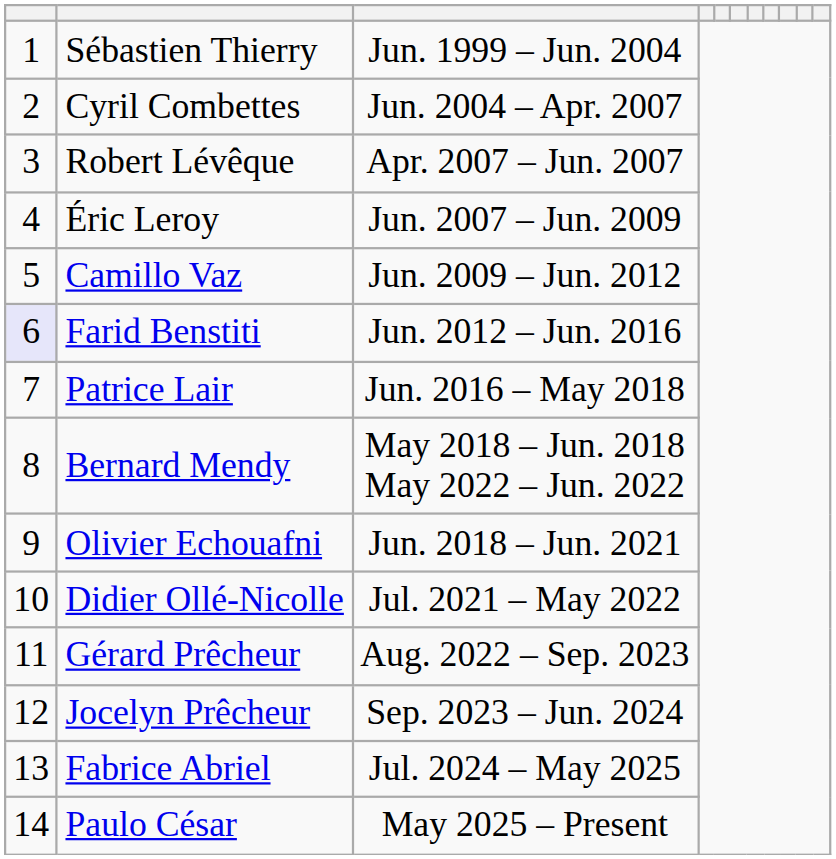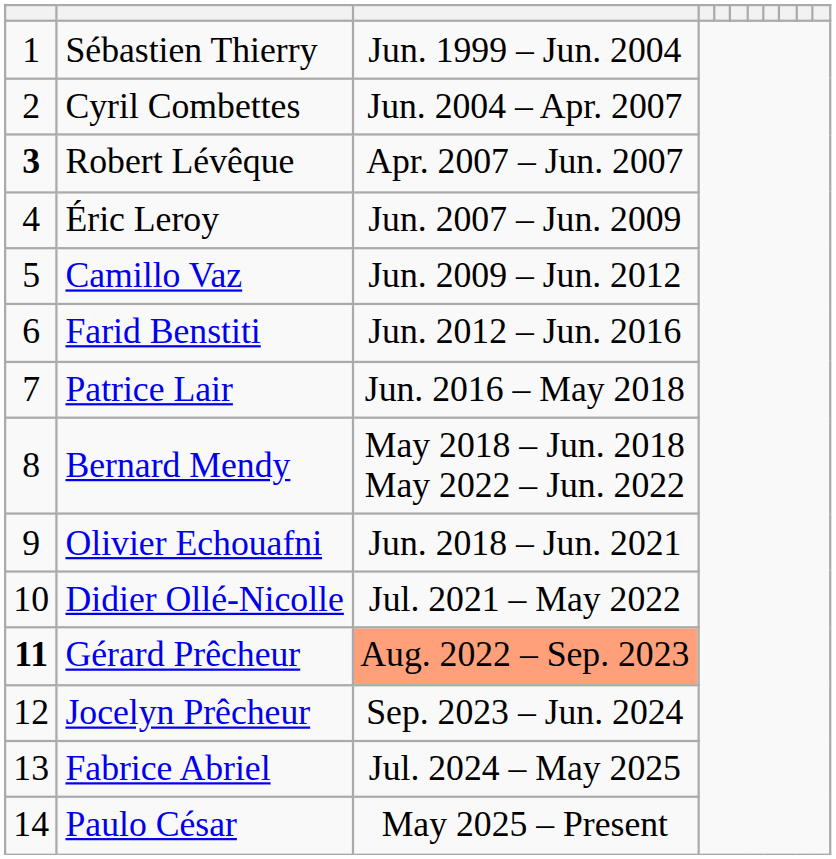 <table class="wikitable plainrowheaders sortable" style="text-align:center">
 <tr>
 <th></th>
 <th></th>
 <th></th>
 <th></th>
 <th></th>
 <th></th>
 <th></th>
 <th></th>
 <th></th>
 <th></th>
 <th></th>
 </tr>
 <tr>
 <td>1</td>
 <td align="left"> Sébastien Thierry</td>
 <td>Jun. 1999 – Jun. 2004<br></td>
 </tr>
 <tr>
 <td>2</td>
 <td align="left"> Cyril Combettes</td>
 <td>Jun. 2004 – Apr. 2007<br></td>
 </tr>
 <tr>
-<td>3</td>
+<td><strong>3</strong></td>
 <td align="left"> Robert Lévêque</td>
 <td>Apr. 2007 – Jun. 2007<br></td>
 </tr>
 <tr>
 <td>4</td>
 <td align="left"> Éric Leroy</td>
 <td>Jun. 2007 – Jun. 2009<br></td>
 </tr>
 <tr>
 <td>5</td>
 <td align="left"> <a href='#'>Camillo Vaz</a></td>
 <td>Jun. 2009 – Jun. 2012<br></td>
 </tr>
 <tr>
-<td style="background: lavender;">6</td>
+<td>6</td>
 <td align="left"> <a href='#'>Farid Benstiti</a></td>
 <td>Jun. 2012 – Jun. 2016<br></td>
 </tr>
 <tr>
 <td>7</td>
 <td align="left"> <a href='#'>Patrice Lair</a></td>
 <td>Jun. 2016 – May 2018<br></td>
 </tr>
 <tr>
 <td>8</td>
 <td align="left"> <a href='#'>Bernard Mendy</a></td>
 <td>May 2018 – Jun. 2018<br>May 2022 – Jun. 2022<br></td>
 </tr>
 <tr>
 <td>9</td>
 <td align="left"> <a href='#'>Olivier Echouafni</a></td>
 <td>Jun. 2018 – Jun. 2021<br></td>
 </tr>
 <tr>
 <td>10</td>
 <td align="left"> <a href='#'>Didier Ollé-Nicolle</a></td>
 <td>Jul. 2021 – May 2022<br></td>
 </tr>
 <tr>
-<td>11</td>
+<td><strong>11</strong></td>
 <td align="left"> <a href='#'>Gérard Prêcheur</a></td>
-<td>Aug. 2022 – Sep. 2023<br></td>
+<td style="background: lightsalmon;">Aug. 2022 – Sep. 2023<br></td>
 </tr>
 <tr>
 <td>12</td>
 <td align="left"> <a href='#'>Jocelyn Prêcheur</a></td>
 <td>Sep. 2023 – Jun. 2024<br></td>
 </tr>
 <tr>
 <td>13</td>
 <td align="left"> <a href='#'>Fabrice Abriel</a></td>
 <td>Jul. 2024 – May 2025<br></td>
 </tr>
 <tr>
 <td>14</td>
 <td align="left"> <a href='#'>Paulo César</a></td>
 <td>May 2025 – Present<br></td>
 </tr>
 </table>
